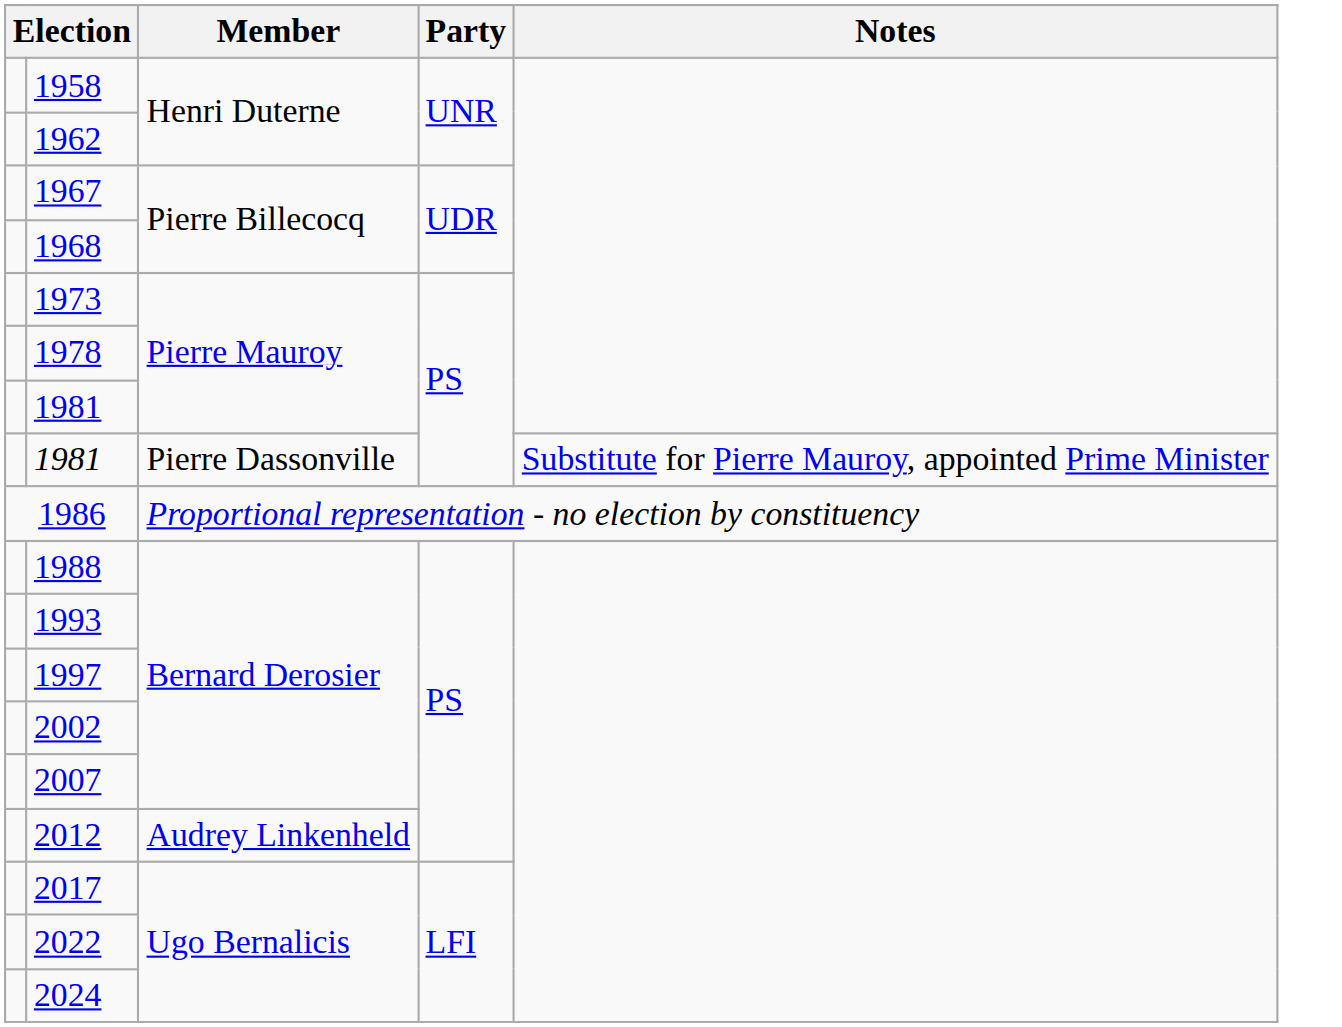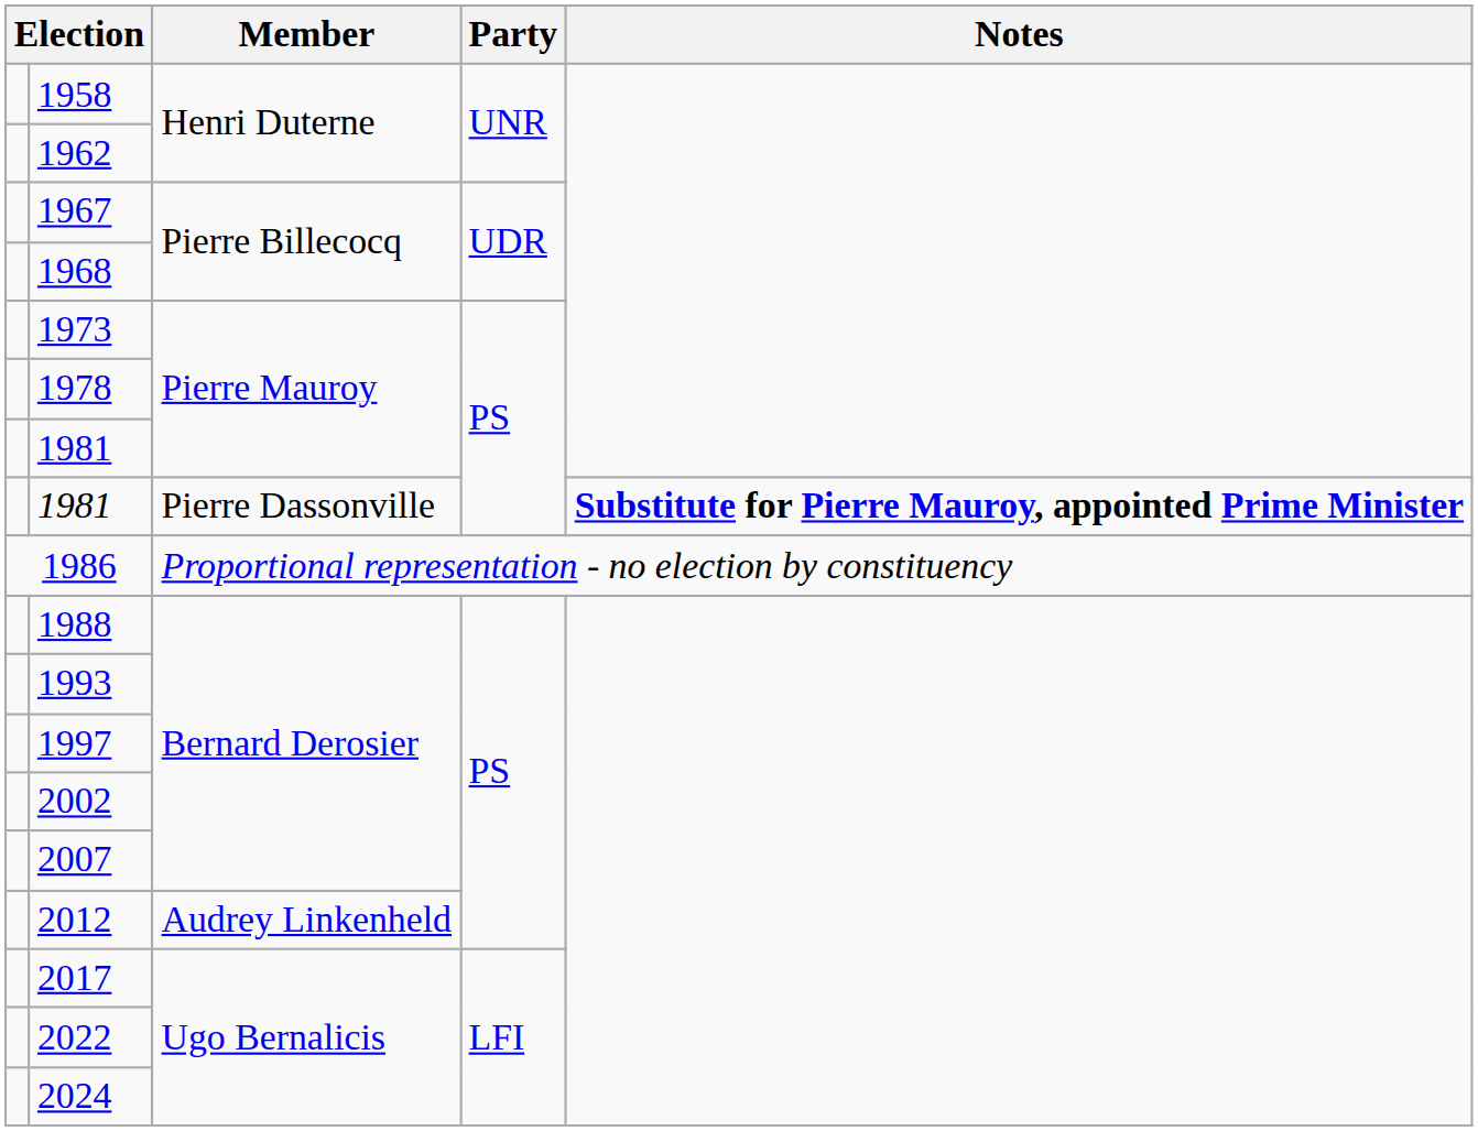 <table class="wikitable">
 <tr>
 <th colspan="2">Election</th>
 <th>Member</th>
 <th>Party</th>
 <th>Notes</th>
 </tr>
 <tr>
 <td style="color:inherit;background-color: "></td>
 <td><a href='#'>1958</a></td>
 <td rowspan="2">Henri Duterne</td>
 <td rowspan="2"><a href='#'>UNR</a></td>
 </tr>
 <tr>
 <td style="color:inherit;background-color: "></td>
 <td><a href='#'>1962</a></td>
 </tr>
 <tr>
 <td style="color:inherit;background-color: "></td>
 <td><a href='#'>1967</a></td>
 <td rowspan="2">Pierre Billecocq</td>
 <td rowspan="2"><a href='#'>UDR</a></td>
 </tr>
 <tr>
 <td style="color:inherit;background-color: "></td>
 <td><a href='#'>1968</a></td>
 </tr>
 <tr>
 <td style="color:inherit;background-color: "></td>
 <td><a href='#'>1973</a></td>
 <td rowspan="3"><a href='#'>Pierre Mauroy</a></td>
 <td rowspan="4"><a href='#'>PS</a></td>
 </tr>
 <tr>
 <td style="color:inherit;background-color: "></td>
 <td><a href='#'>1978</a></td>
 </tr>
 <tr>
 <td style="color:inherit;background-color: "></td>
 <td><a href='#'>1981</a></td>
 </tr>
 <tr>
 <td style="color:inherit;background-color: "></td>
 <td><em>1981</em></td>
 <td>Pierre Dassonville</td>
-<td><a href='#'>Substitute</a> for <a href='#'>Pierre Mauroy</a>, appointed <a href='#'>Prime Minister</a></td>
+<td><strong><a href='#'>Substitute</a> for <a href='#'>Pierre Mauroy</a>, appointed <a href='#'>Prime Minister</a></strong></td>
 </tr>
 <tr>
 <td colspan="2" align="center"><a href='#'>1986</a></td>
 <td colspan="3"><em><a href='#'>Proportional representation</a> - no election by constituency</em></td>
 </tr>
 <tr>
 <td style="color:inherit;background-color: "></td>
 <td><a href='#'>1988</a></td>
 <td rowspan="5"><a href='#'>Bernard Derosier</a></td>
 <td rowspan="6"><a href='#'>PS</a></td>
 </tr>
 <tr>
 <td style="color:inherit;background-color: "></td>
 <td><a href='#'>1993</a></td>
 </tr>
 <tr>
 <td style="color:inherit;background-color: "></td>
 <td><a href='#'>1997</a></td>
 </tr>
 <tr>
 <td style="color:inherit;background-color: "></td>
 <td><a href='#'>2002</a></td>
 </tr>
 <tr>
 <td style="color:inherit;background-color: "></td>
 <td><a href='#'>2007</a></td>
 </tr>
 <tr>
 <td style="color:inherit;background-color: "></td>
 <td><a href='#'>2012</a></td>
 <td><a href='#'>Audrey Linkenheld</a></td>
 </tr>
 <tr>
 <td style="color:inherit;background-color: "></td>
 <td><a href='#'>2017</a></td>
 <td rowspan="3"><a href='#'>Ugo Bernalicis</a></td>
 <td rowspan="3"><a href='#'>LFI</a></td>
 </tr>
 <tr>
 <td style="color:inherit;background-color: "></td>
 <td><a href='#'>2022</a></td>
 </tr>
 <tr>
 <td style="color:inherit;background-color: "></td>
 <td><a href='#'>2024</a></td>
 </tr>
 </table>
